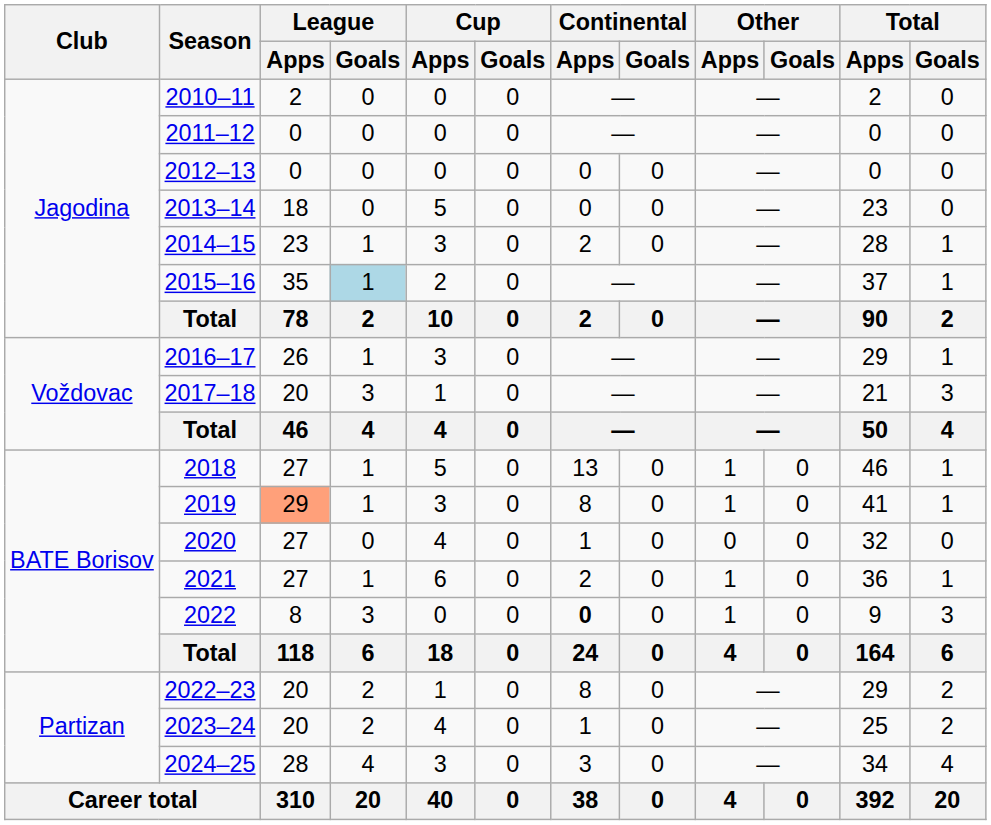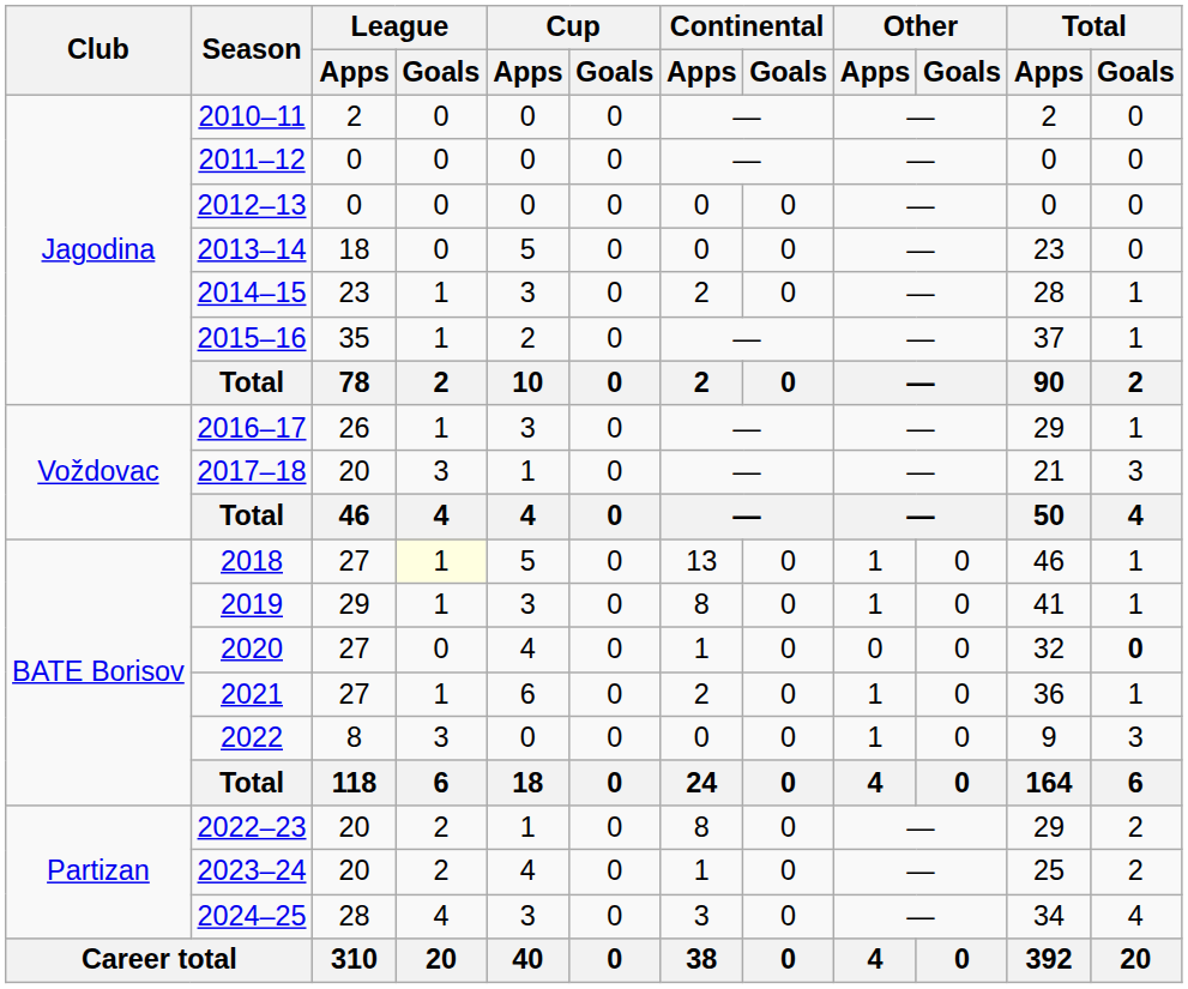 <table class="wikitable" style="text-align:center">
 <tr>
 <th rowspan="2">Club</th>
 <th rowspan="2">Season</th>
 <th colspan="2">League</th>
 <th colspan="2">Cup</th>
 <th colspan="2">Continental</th>
 <th colspan="2">Other</th>
 <th colspan="2">Total</th>
 </tr>
 <tr>
 <th>Apps</th>
 <th>Goals</th>
 <th>Apps</th>
 <th>Goals</th>
 <th>Apps</th>
 <th>Goals</th>
 <th>Apps</th>
 <th>Goals</th>
 <th>Apps</th>
 <th>Goals</th>
 </tr>
 <tr>
 <td rowspan="7"><a href='#'>Jagodina</a></td>
 <td><a href='#'>2010–11</a></td>
 <td>2</td>
 <td>0</td>
 <td>0</td>
 <td>0</td>
 <td colspan="2">—</td>
 <td colspan="2">—</td>
 <td>2</td>
 <td>0</td>
 </tr>
 <tr>
 <td><a href='#'>2011–12</a></td>
 <td>0</td>
 <td>0</td>
 <td>0</td>
 <td>0</td>
 <td colspan="2">—</td>
 <td colspan="2">—</td>
 <td>0</td>
 <td>0</td>
 </tr>
 <tr>
 <td><a href='#'>2012–13</a></td>
 <td>0</td>
 <td>0</td>
 <td>0</td>
 <td>0</td>
 <td>0</td>
 <td>0</td>
 <td colspan="2">—</td>
 <td>0</td>
 <td>0</td>
 </tr>
 <tr>
 <td><a href='#'>2013–14</a></td>
 <td>18</td>
 <td>0</td>
 <td>5</td>
 <td>0</td>
 <td>0</td>
 <td>0</td>
 <td colspan="2">—</td>
 <td>23</td>
 <td>0</td>
 </tr>
 <tr>
 <td><a href='#'>2014–15</a></td>
 <td>23</td>
 <td>1</td>
 <td>3</td>
 <td>0</td>
 <td>2</td>
 <td>0</td>
 <td colspan="2">—</td>
 <td>28</td>
 <td>1</td>
 </tr>
 <tr>
 <td><a href='#'>2015–16</a></td>
 <td>35</td>
-<td style="background: lightblue;">1</td>
+<td>1</td>
 <td>2</td>
 <td>0</td>
 <td colspan="2">—</td>
 <td colspan="2">—</td>
 <td>37</td>
 <td>1</td>
 </tr>
 <tr>
 <th>Total</th>
 <th>78</th>
 <th>2</th>
 <th>10</th>
 <th>0</th>
 <th>2</th>
 <th>0</th>
 <th colspan="2">—</th>
 <th>90</th>
 <th>2</th>
 </tr>
 <tr>
 <td rowspan="3"><a href='#'>Voždovac</a></td>
 <td><a href='#'>2016–17</a></td>
 <td>26</td>
 <td>1</td>
 <td>3</td>
 <td>0</td>
 <td colspan="2">—</td>
 <td colspan="2">—</td>
 <td>29</td>
 <td>1</td>
 </tr>
 <tr>
 <td><a href='#'>2017–18</a></td>
 <td>20</td>
 <td>3</td>
 <td>1</td>
 <td>0</td>
 <td colspan="2">—</td>
 <td colspan="2">—</td>
 <td>21</td>
 <td>3</td>
 </tr>
 <tr>
 <th>Total</th>
 <th>46</th>
 <th>4</th>
 <th>4</th>
 <th>0</th>
 <th colspan="2">—</th>
 <th colspan="2">—</th>
 <th>50</th>
 <th>4</th>
 </tr>
 <tr>
 <td rowspan="6"><a href='#'>BATE Borisov</a></td>
 <td><a href='#'>2018</a></td>
 <td>27</td>
-<td>1</td>
+<td style="background: lightyellow;">1</td>
 <td>5</td>
 <td>0</td>
 <td>13</td>
 <td>0</td>
 <td>1</td>
 <td>0</td>
 <td>46</td>
 <td>1</td>
 </tr>
 <tr>
 <td><a href='#'>2019</a></td>
-<td style="background: lightsalmon;">29</td>
+<td>29</td>
 <td>1</td>
 <td>3</td>
 <td>0</td>
 <td>8</td>
 <td>0</td>
 <td>1</td>
 <td>0</td>
 <td>41</td>
 <td>1</td>
 </tr>
 <tr>
 <td><a href='#'>2020</a></td>
 <td>27</td>
 <td>0</td>
 <td>4</td>
 <td>0</td>
 <td>1</td>
 <td>0</td>
 <td>0</td>
 <td>0</td>
 <td>32</td>
-<td>0</td>
+<td><strong>0</strong></td>
 </tr>
 <tr>
 <td><a href='#'>2021</a></td>
 <td>27</td>
 <td>1</td>
 <td>6</td>
 <td>0</td>
 <td>2</td>
 <td>0</td>
 <td>1</td>
 <td>0</td>
 <td>36</td>
 <td>1</td>
 </tr>
 <tr>
 <td><a href='#'>2022</a></td>
 <td>8</td>
 <td>3</td>
 <td>0</td>
 <td>0</td>
-<td><strong>0</strong></td>
+<td>0</td>
 <td>0</td>
 <td>1</td>
 <td>0</td>
 <td>9</td>
 <td>3</td>
 </tr>
 <tr>
 <th>Total</th>
 <th>118</th>
 <th>6</th>
 <th>18</th>
 <th>0</th>
 <th>24</th>
 <th>0</th>
 <th>4</th>
 <th>0</th>
 <th>164</th>
 <th>6</th>
 </tr>
 <tr>
 <td rowspan="3"><a href='#'>Partizan</a></td>
 <td><a href='#'>2022–23</a></td>
 <td>20</td>
 <td>2</td>
 <td>1</td>
 <td>0</td>
 <td>8</td>
 <td>0</td>
 <td colspan="2">—</td>
 <td>29</td>
 <td>2</td>
 </tr>
 <tr>
 <td><a href='#'>2023–24</a></td>
 <td>20</td>
 <td>2</td>
 <td>4</td>
 <td>0</td>
 <td>1</td>
 <td>0</td>
 <td colspan="2">—</td>
 <td>25</td>
 <td>2</td>
 </tr>
 <tr>
 <td><a href='#'>2024–25</a></td>
 <td>28</td>
 <td>4</td>
 <td>3</td>
 <td>0</td>
 <td>3</td>
 <td>0</td>
 <td colspan="2">—</td>
 <td>34</td>
 <td>4</td>
 </tr>
 <tr>
 <th colspan="2">Career total</th>
 <th>310</th>
 <th>20</th>
 <th>40</th>
 <th>0</th>
 <th>38</th>
 <th>0</th>
 <th>4</th>
 <th>0</th>
 <th>392</th>
 <th>20</th>
 </tr>
 </table>
